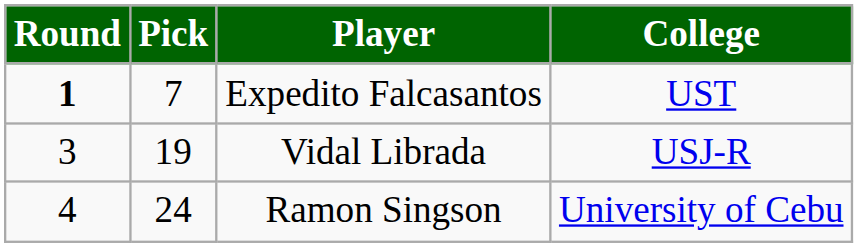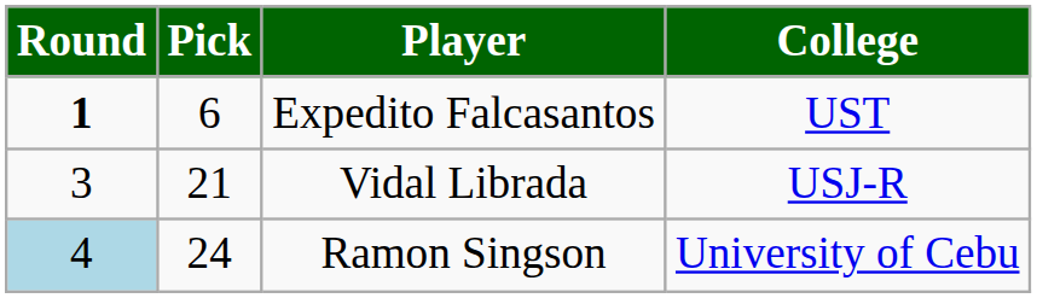 <table class="wikitable sortable sortable">
 <tr>
 <th style="background:#006401; color:#FFFFFF; ">Round</th>
 <th style="background:#006401; color:#FFFFFF; ">Pick</th>
 <th style="background:#006401; color:#FFFFFF; ">Player</th>
 <th style="background:#006401; color:#FFFFFF; ">College</th>
 </tr>
 <tr style="text-align: center">
 <td align="center"><strong>1</strong></td>
-<td align="center">7</td>
+<td align="center">6</td>
 <td>Expedito Falcasantos</td>
 <td><a href='#'>UST</a></td>
 </tr>
 <tr style="text-align: center">
 <td align="center">3</td>
-<td align="center">19</td>
+<td align="center">21</td>
 <td>Vidal Librada</td>
 <td><a href='#'>USJ-R</a></td>
 </tr>
 <tr style="text-align: center">
-<td align="center">4</td>
+<td align="center" style="background: lightblue;">4</td>
 <td align="center">24</td>
 <td>Ramon Singson</td>
 <td><a href='#'>University of Cebu</a></td>
 </tr>
 </table>
